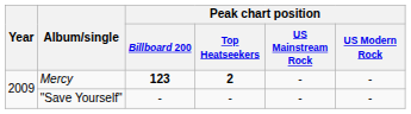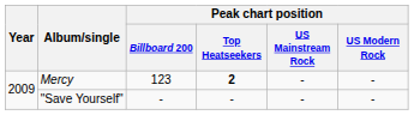 <table class="wikitable">
 <tr>
 <th rowspan="2">Year</th>
 <th rowspan="2">Album/single</th>
 <th colspan="4">Peak chart position</th>
 </tr>
 <tr>
 <th width="86"><small><a href='#'><em>Billboard</em> 200</a></small></th>
 <th width="86"><small><a href='#'>Top Heatseekers</a></small></th>
 <th width="86"><small><a href='#'>US Mainstream Rock</a></small></th>
 <th width="86"><small><a href='#'>US Modern Rock</a></small></th>
 </tr>
 <tr>
 <td rowspan="2">2009</td>
 <td><em>Mercy</em></td>
-<td align="center"><strong>123 </strong></td>
+<td align="center">123 </td>
 <td align="center"><strong>2 </strong></td>
 <td align="center">-</td>
 <td align="center">-</td>
 </tr>
 <tr>
 <td>"Save Yourself"</td>
 <td align="center">-</td>
 <td align="center">-</td>
 <td align="center">-</td>
 <td align="center">-</td>
 </tr>
 </table>
